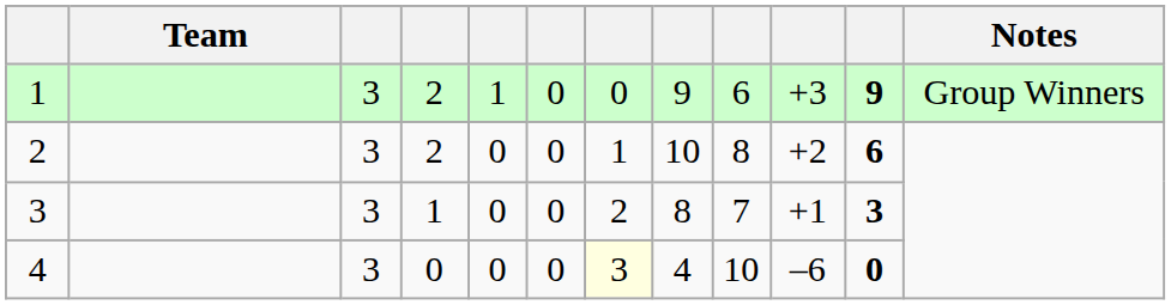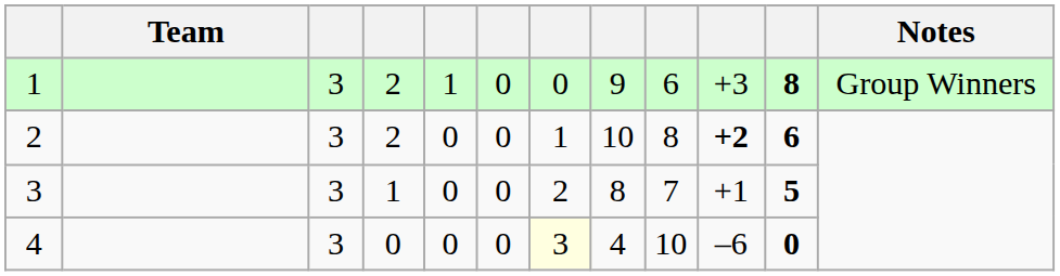 <table class="wikitable" style="text-align: center; font-size: 97%;">
 <tr>
 <th width="20"></th>
 <th width="110">Team</th>
 <th width="18"></th>
 <th width="22"></th>
 <th width="18"></th>
 <th width="18"></th>
 <th width="22"></th>
 <th width="18"></th>
 <th width="18"></th>
 <th width="25"></th>
 <th width="18"></th>
 <th width="105">Notes</th>
 </tr>
 <tr style="background-color: #ccffcc;">
 <td>1</td>
 <td align=left></td>
 <td>3</td>
 <td>2</td>
 <td>1</td>
 <td>0</td>
 <td>0</td>
 <td>9</td>
 <td>6</td>
 <td>+3</td>
-<td><strong>9</strong></td>
+<td><strong>8</strong></td>
 <td>Group Winners</td>
 </tr>
 <tr>
 <td>2</td>
 <td align=left></td>
 <td>3</td>
 <td>2</td>
 <td>0</td>
 <td>0</td>
 <td>1</td>
 <td>10</td>
 <td>8</td>
-<td>+2</td>
+<td><strong>+2</strong></td>
 <td><strong>6</strong></td>
 <td rowspan="3"></td>
 </tr>
 <tr>
 <td>3</td>
 <td align=left></td>
 <td>3</td>
 <td>1</td>
 <td>0</td>
 <td>0</td>
 <td>2</td>
 <td>8</td>
 <td>7</td>
 <td>+1</td>
-<td><strong>3</strong></td>
+<td><strong>5</strong></td>
 </tr>
 <tr>
 <td>4</td>
 <td align=left></td>
 <td>3</td>
 <td>0</td>
 <td>0</td>
 <td>0</td>
 <td style="background: lightyellow;">3</td>
 <td>4</td>
 <td>10</td>
 <td>–6</td>
 <td><strong>0</strong></td>
 </tr>
 </table>
